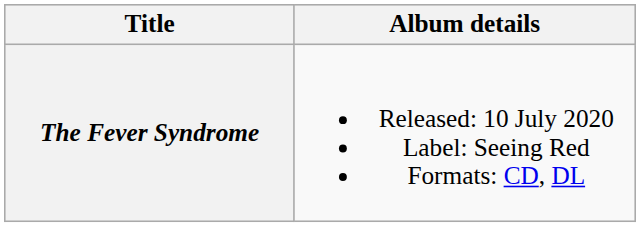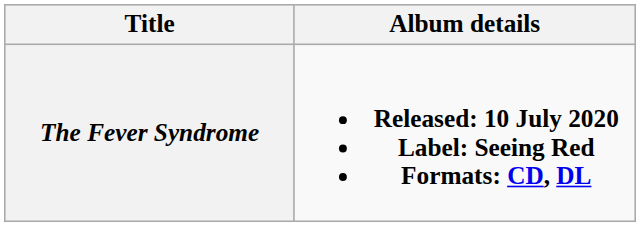 <table class="wikitable plainrowheaders" style="text-align:center;">
 <tr>
 <th scope="col" style="width:11em;">Title</th>
 <th scope="col" style="width:13em;">Album details</th>
 </tr>
 <tr>
 <th scope="row"><em>The Fever Syndrome</em></th>
-<td><br><ul><li>Released: 10 July 2020</li><li>Label: Seeing Red</li><li>Formats: <a href='#'>CD</a>, <a href='#'>DL</a></li></ul></td>
+<td><strong><br><ul><li>Released: 10 July 2020</li><li>Label: Seeing Red</li><li>Formats: <a href='#'>CD</a>, <a href='#'>DL</a></li></ul></strong></td>
 </tr>
 </table>
